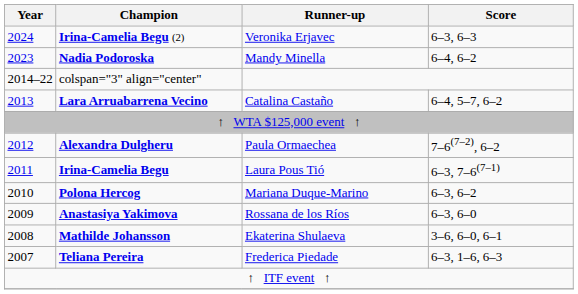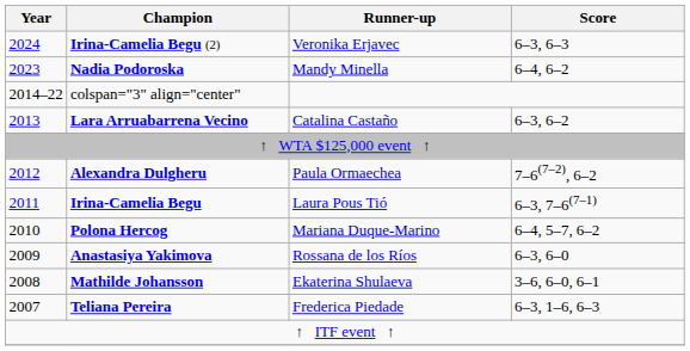 <table class="wikitable" style="font-size:90%">
 <tr>
 <th>Year</th>
 <th width="200">Champion</th>
 <th width="200">Runner-up</th>
 <th width="155">Score</th>
 </tr>
 <tr>
 <td><a href='#'>2024</a></td>
 <td> <strong><a href='#'>Irina-Camelia Begu</a></strong> <small>(2)</small></td>
 <td> <a href='#'>Veronika Erjavec</a></td>
 <td>6–3, 6–3</td>
 </tr>
 <tr>
 <td><a href='#'>2023</a></td>
 <td> <strong><a href='#'>Nadia Podoroska</a></strong></td>
 <td> <a href='#'>Mandy Minella</a></td>
 <td>6–4, 6–2</td>
 </tr>
 <tr>
 <td>2014–22</td>
 <td>colspan="3" align="center" </td>
 </tr>
 <tr>
 <td><a href='#'>2013</a></td>
 <td> <strong><a href='#'>Lara Arruabarrena Vecino</a></strong></td>
 <td> <a href='#'>Catalina Castaño</a></td>
-<td>6–4, 5–7, 6–2</td>
+<td>6–3, 6–2</td>
 </tr>
 <tr style="background:silver;">
 <td colspan="5" align="center">↑   <a href='#'>WTA $125,000 event</a>   ↑</td>
 </tr>
 <tr>
 <td><a href='#'>2012</a></td>
 <td> <strong><a href='#'>Alexandra Dulgheru</a></strong></td>
 <td> <a href='#'>Paula Ormaechea</a></td>
 <td>7–6<sup>(7–2)</sup>, 6–2</td>
 </tr>
 <tr>
 <td><a href='#'>2011</a></td>
 <td> <strong><a href='#'>Irina-Camelia Begu</a></strong></td>
 <td> <a href='#'>Laura Pous Tió</a></td>
 <td>6–3, 7–6<sup>(7–1)</sup></td>
 </tr>
 <tr>
 <td>2010</td>
 <td> <strong><a href='#'>Polona Hercog</a></strong></td>
 <td> <a href='#'>Mariana Duque-Marino</a></td>
-<td>6–3, 6–2</td>
+<td>6–4, 5–7, 6–2</td>
 </tr>
 <tr>
 <td>2009</td>
 <td> <strong><a href='#'>Anastasiya Yakimova</a></strong></td>
 <td> <a href='#'>Rossana de los Ríos</a></td>
 <td>6–3, 6–0</td>
 </tr>
 <tr>
 <td>2008</td>
 <td> <strong><a href='#'>Mathilde Johansson</a></strong></td>
 <td> <a href='#'>Ekaterina Shulaeva</a></td>
 <td>3–6, 6–0, 6–1</td>
 </tr>
 <tr>
 <td>2007</td>
 <td> <strong><a href='#'>Teliana Pereira</a></strong></td>
 <td> <a href='#'>Frederica Piedade</a></td>
 <td>6–3, 1–6, 6–3</td>
 </tr>
 <tr>
 <td colspan="5" align="center">↑   <a href='#'>ITF event</a>   ↑</td>
 </tr>
 <tr>
 </tr>
 </table>
